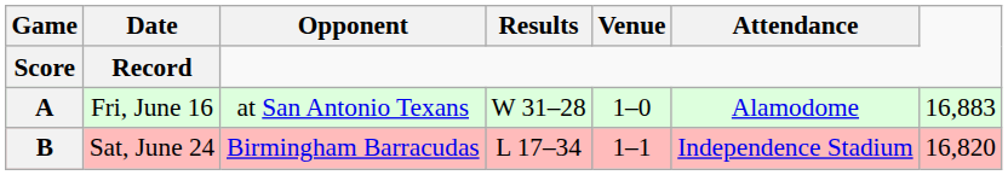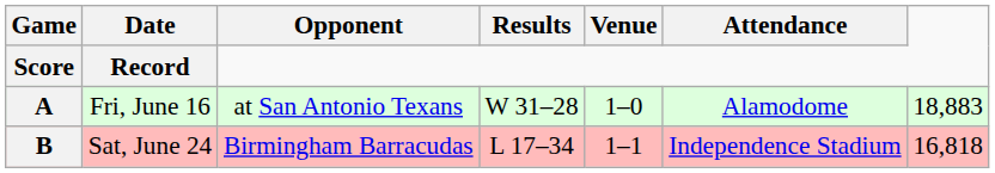 <table class="wikitable" style="text-align:center">
 <tr>
 <th>Game</th>
 <th>Date</th>
 <th>Opponent</th>
 <th>Results</th>
 <th>Venue</th>
 <th>Attendance</th>
 </tr>
 <tr>
 <th>Score</th>
 <th>Record</th>
 </tr>
 <tr style="background:#ddffdd">
 <th>A</th>
 <td>Fri, June 16</td>
 <td>at <a href='#'>San Antonio Texans</a></td>
 <td>W 31–28</td>
 <td>1–0</td>
 <td><a href='#'>Alamodome</a></td>
-<td>16,883</td>
+<td>18,883</td>
 </tr>
 <tr style="background:#ffbbbb">
 <th>B</th>
 <td>Sat, June 24</td>
 <td><a href='#'>Birmingham Barracudas</a></td>
 <td>L 17–34</td>
 <td>1–1</td>
 <td><a href='#'>Independence Stadium</a></td>
-<td>16,820</td>
+<td>16,818</td>
 </tr>
 </table>
